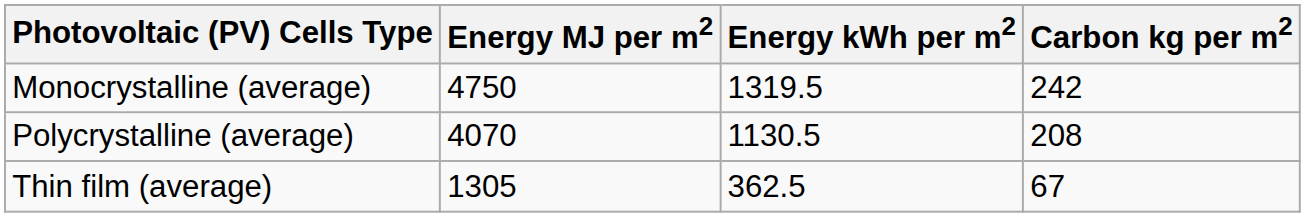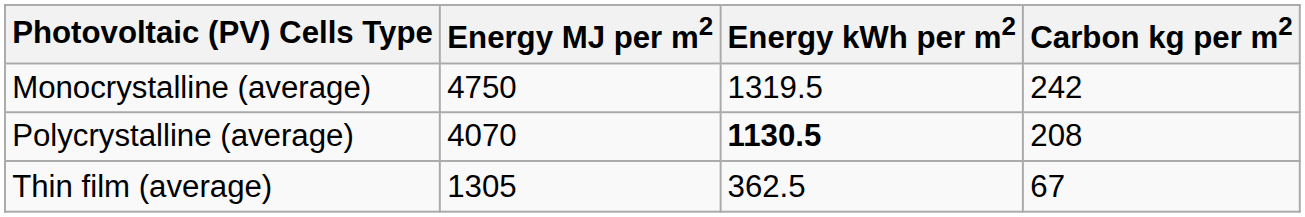 <table class="wikitable">
 <tr>
 <th>Photovoltaic (PV) Cells Type</th>
 <th>Energy MJ per m<sup>2</sup></th>
 <th>Energy kWh per m<sup>2</sup></th>
 <th>Carbon kg  per m<sup>2</sup></th>
 </tr>
 <tr>
 <td>Monocrystalline (average)</td>
 <td>4750</td>
 <td>1319.5</td>
 <td>242</td>
 </tr>
 <tr>
 <td>Polycrystalline (average)</td>
 <td>4070</td>
-<td>1130.5</td>
+<td><strong>1130.5</strong></td>
 <td>208</td>
 </tr>
 <tr>
 <td>Thin film (average)</td>
 <td>1305</td>
 <td>362.5</td>
 <td>67</td>
 </tr>
 </table>
